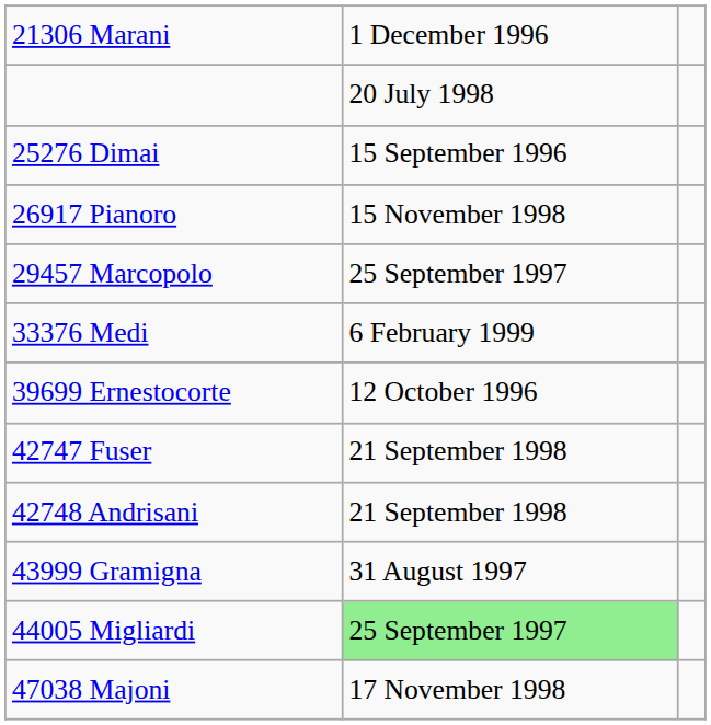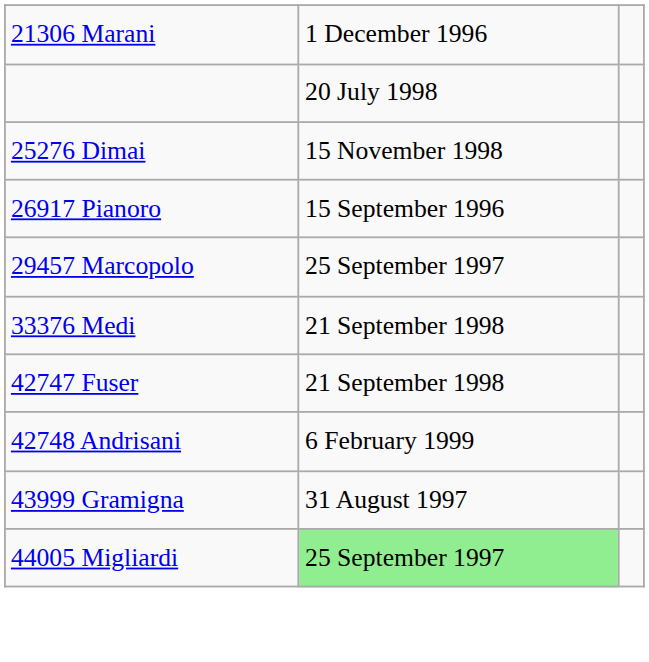 <table class="wikitable" style="font-size: 89%; float: left; width: 25em; margin-right: 1em; line-height: 1.65em !important; height: 324px;">
 <tr>
 <td><a href='#'>21306 Marani</a></td>
 <td>1 December 1996</td>
 <td></td>
 </tr>
 <tr>
 <td></td>
 <td>20 July 1998</td>
 <td> </td>
 </tr>
 <tr>
 <td><a href='#'>25276 Dimai</a></td>
-<td>15 September 1996</td>
+<td>15 November 1998</td>
 <td></td>
 </tr>
 <tr>
 <td><a href='#'>26917 Pianoro</a></td>
-<td>15 November 1998</td>
+<td>15 September 1996</td>
 <td></td>
 </tr>
 <tr>
 <td><a href='#'>29457 Marcopolo</a></td>
 <td>25 September 1997</td>
 <td></td>
 </tr>
 <tr>
 <td><a href='#'>33376 Medi</a></td>
-<td>6 February 1999</td>
-<td></td>
-</tr>
-<tr>
-<td><a href='#'>39699 Ernestocorte</a></td>
-<td>12 October 1996</td>
+<td>21 September 1998</td>
 <td></td>
 </tr>
 <tr>
 <td><a href='#'>42747 Fuser</a></td>
 <td>21 September 1998</td>
 <td></td>
 </tr>
 <tr>
 <td><a href='#'>42748 Andrisani</a></td>
-<td>21 September 1998</td>
+<td>6 February 1999</td>
 <td></td>
 </tr>
 <tr>
 <td><a href='#'>43999 Gramigna</a></td>
 <td>31 August 1997</td>
 <td></td>
 </tr>
 <tr>
 <td><a href='#'>44005 Migliardi</a></td>
 <td style="background: lightgreen;">25 September 1997</td>
 <td></td>
 </tr>
-<tr>
-<td><a href='#'>47038 Majoni</a></td>
-<td>17 November 1998</td>
-<td></td>
-</tr>
 </table>
